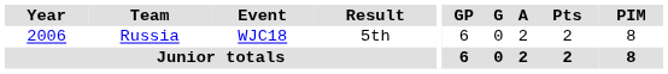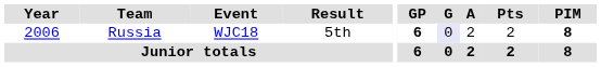 <table border="0" cellpadding="1" cellspacing="0" ID="Table3" style="text-align:center; width:40em">
 <tr ALIGN="center" bgcolor="#e0e0e0">
 <th>Year</th>
 <th>Team</th>
 <th>Event</th>
 <th>Result</th>
 <th rowspan="99" bgcolor="#ffffff"></th>
 <th>GP</th>
 <th>G</th>
 <th>A</th>
 <th>Pts</th>
 <th>PIM</th>
 </tr>
 <tr>
 <td><a href='#'>2006</a></td>
 <td><a href='#'>Russia</a></td>
 <td><a href='#'>WJC18</a></td>
 <td>5th</td>
-<td>6</td>
-<td>0</td>
+<td><strong>6</strong></td>
+<td style="background: lavender;">0</td>
 <td>2</td>
 <td>2</td>
-<td>8</td>
+<td><strong>8</strong></td>
 </tr>
 <tr bgcolor="#e0e0e0">
 <th colspan="4">Junior totals</th>
 <th>6</th>
 <th>0</th>
 <th>2</th>
 <th>2</th>
 <th>8</th>
 </tr>
 </table>
